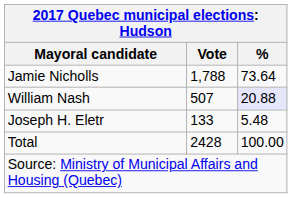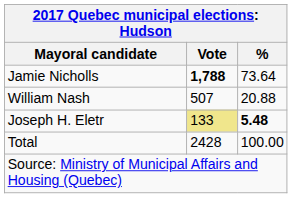 <table class="wikitable" with="auto">
 <tr>
 <th colspan="60"><a href='#'>2017 Quebec municipal elections</a>: <a href='#'>Hudson</a></th>
 </tr>
 <tr>
 <th bgcolor="#DDDDFF" width="200px">Mayoral candidate</th>
 <th bgcolor="#DDDDFF" width="50px">Vote</th>
 <th bgcolor="#DDDDFF" width="30px">%</th>
 </tr>
 <tr>
 <td>Jamie Nicholls</td>
-<td>1,788</td>
+<td><strong>1,788</strong></td>
 <td>73.64</td>
 </tr>
 <tr>
 <td>William Nash</td>
 <td>507</td>
-<td style="background: lavender;">20.88</td>
+<td>20.88</td>
 </tr>
 <tr>
 <td>Joseph H. Eletr</td>
-<td>133</td>
-<td>5.48</td>
+<td style="background: khaki;">133</td>
+<td><strong>5.48</strong></td>
 </tr>
 <tr>
 <td>Total</td>
 <td>2428</td>
 <td>100.00</td>
 </tr>
 <tr>
 <td colspan="60">Source: <a href='#'>Ministry of Municipal Affairs and Housing (Quebec)</a></td>
 </tr>
 </table>
